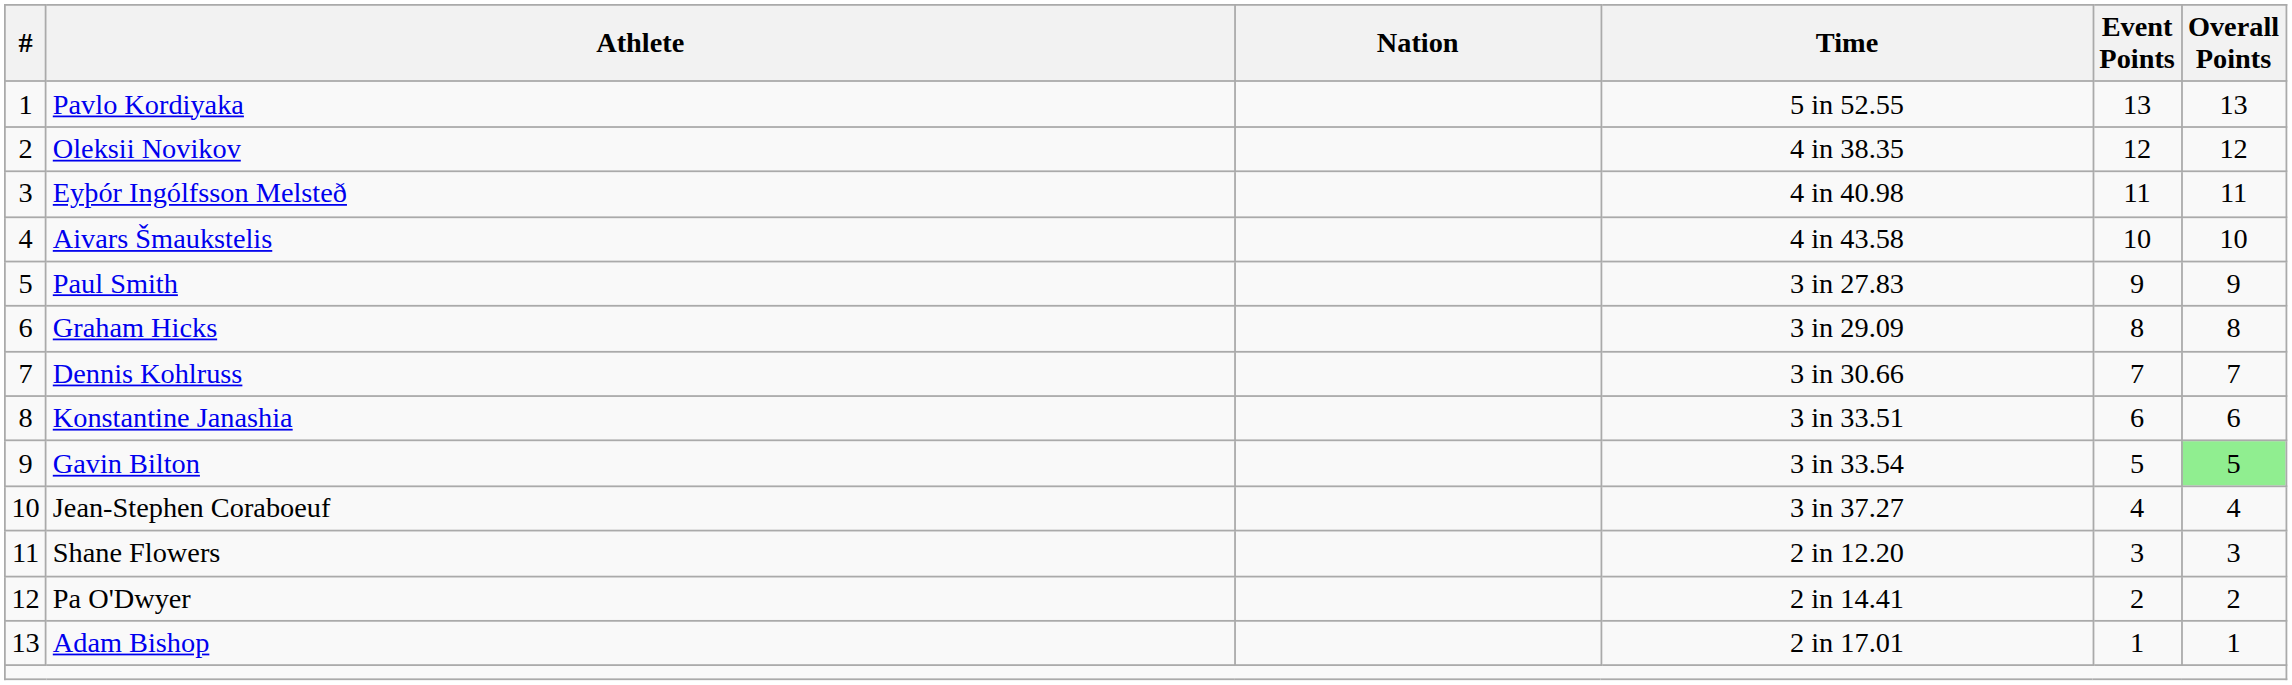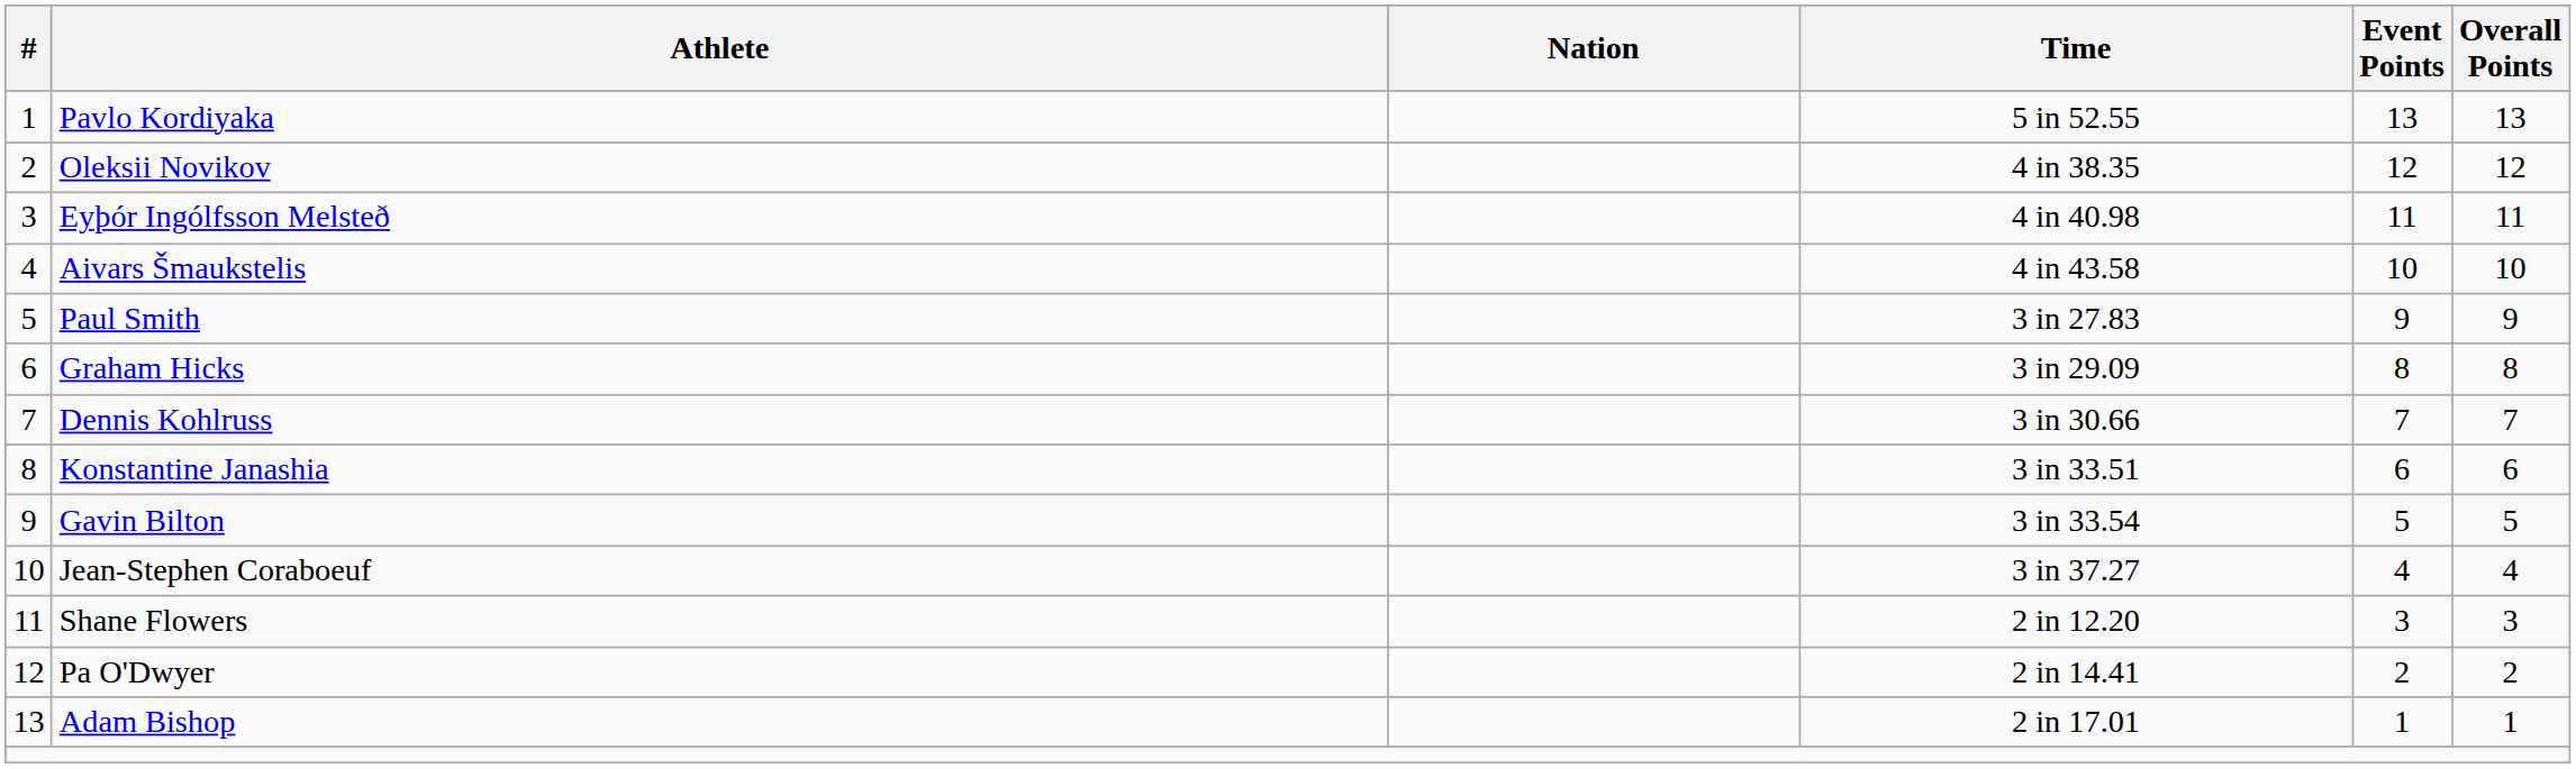 <table class="wikitable sortable" style="text-align:center;width: 65%;">
 <tr>
 <th scope="col" style="width: 10px;">#</th>
 <th scope="col">Athlete</th>
 <th scope="col">Nation</th>
 <th scope="col">Time</th>
 <th scope="col" style="width: 10px;">Event Points</th>
 <th scope="col" style="width: 10px;">Overall Points</th>
 </tr>
 <tr>
 <td>1</td>
 <td align=left><a href='#'>Pavlo Kordiyaka</a></td>
 <td align=left></td>
 <td>5 in 52.55</td>
 <td>13</td>
 <td>13</td>
 </tr>
 <tr>
 <td>2</td>
 <td align=left><a href='#'>Oleksii Novikov</a></td>
 <td align=left></td>
 <td>4 in 38.35</td>
 <td>12</td>
 <td>12</td>
 </tr>
 <tr>
 <td>3</td>
 <td align=left><a href='#'>Eyþór Ingólfsson Melsteð</a></td>
 <td align=left></td>
 <td>4 in 40.98</td>
 <td>11</td>
 <td>11</td>
 </tr>
 <tr>
 <td>4</td>
 <td align=left><a href='#'>Aivars Šmaukstelis</a></td>
 <td align=left></td>
 <td>4 in 43.58</td>
 <td>10</td>
 <td>10</td>
 </tr>
 <tr>
 <td>5</td>
 <td align=left><a href='#'>Paul Smith</a></td>
 <td align=left></td>
 <td>3 in 27.83</td>
 <td>9</td>
 <td>9</td>
 </tr>
 <tr>
 <td>6</td>
 <td align=left><a href='#'>Graham Hicks</a></td>
 <td align=left></td>
 <td>3 in 29.09</td>
 <td>8</td>
 <td>8</td>
 </tr>
 <tr>
 <td>7</td>
 <td align=left><a href='#'>Dennis Kohlruss</a></td>
 <td align=left></td>
 <td>3 in 30.66</td>
 <td>7</td>
 <td>7</td>
 </tr>
 <tr>
 <td>8</td>
 <td align=left><a href='#'>Konstantine Janashia</a></td>
 <td align=left></td>
 <td>3 in 33.51</td>
 <td>6</td>
 <td>6</td>
 </tr>
 <tr>
 <td>9</td>
 <td align=left><a href='#'>Gavin Bilton</a></td>
 <td align=left></td>
 <td>3 in 33.54</td>
 <td>5</td>
-<td style="background: lightgreen;">5</td>
+<td>5</td>
 </tr>
 <tr>
 <td>10</td>
 <td align=left>Jean-Stephen Coraboeuf</td>
 <td align=left></td>
 <td>3 in 37.27</td>
 <td>4</td>
 <td>4</td>
 </tr>
 <tr>
 <td>11</td>
 <td align=left>Shane Flowers</td>
 <td align=left></td>
 <td>2 in 12.20</td>
 <td>3</td>
 <td>3</td>
 </tr>
 <tr>
 <td>12</td>
 <td align=left>Pa O'Dwyer</td>
 <td align=left></td>
 <td>2 in 14.41</td>
 <td>2</td>
 <td>2</td>
 </tr>
 <tr>
 <td>13</td>
 <td align=left><a href='#'>Adam Bishop</a></td>
 <td align=left></td>
 <td>2 in 17.01</td>
 <td>1</td>
 <td>1</td>
 </tr>
 <tr class="sortbottom">
 <td colspan="6"></td>
 </tr>
 </table>
